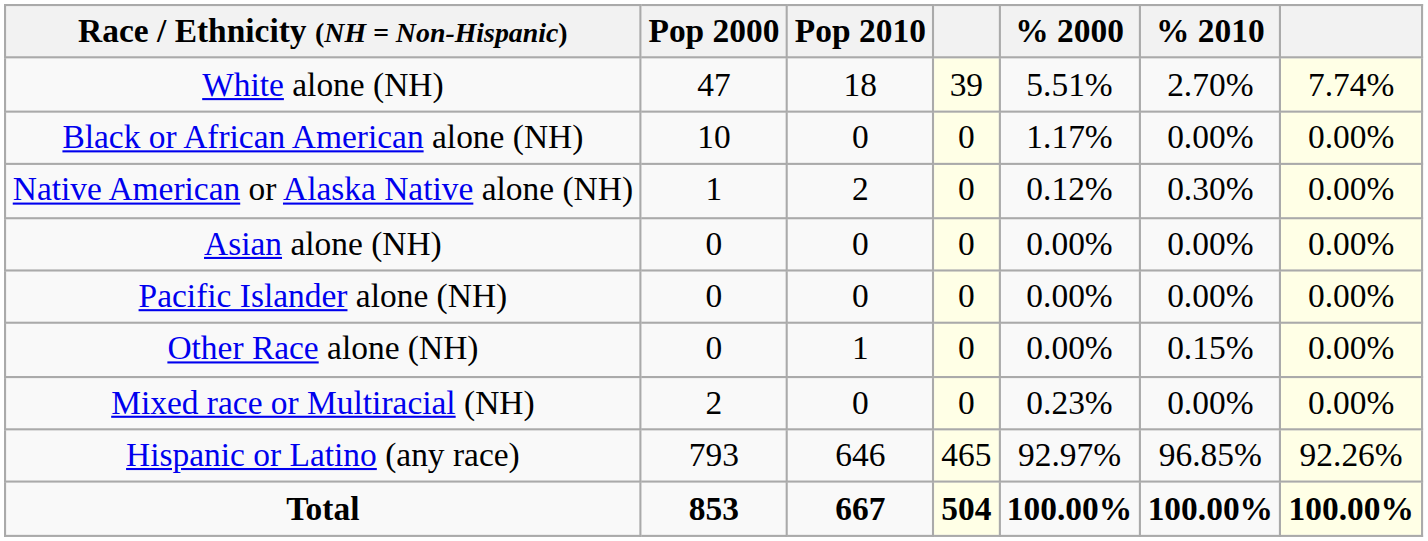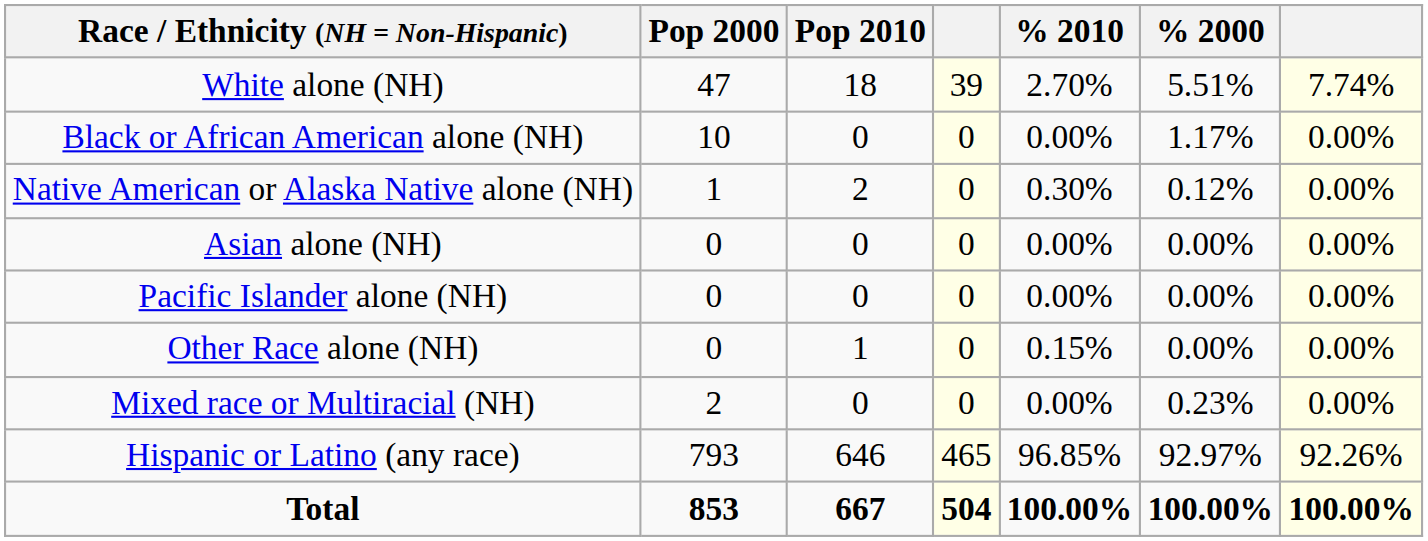 <table class="wikitable" style="text-align:center;">
 <tr>
 <th>Race / Ethnicity <small>(<em>NH = Non-Hispanic</em>)</small></th>
 <th>Pop 2000</th>
 <th>Pop 2010</th>
 <th></th>
+<th>% 2010</th>
 <th>% 2000</th>
-<th>% 2010</th>
 <th></th>
 </tr>
 <tr>
 <td><a href='#'>White</a> alone (NH)</td>
 <td>47</td>
 <td>18</td>
 <td style='background: #ffffe6;'>39</td>
+<td>2.70%</td>
 <td>5.51%</td>
-<td>2.70%</td>
 <td style='background: #ffffe6;'>7.74%</td>
 </tr>
 <tr>
 <td><a href='#'>Black or African American</a> alone (NH)</td>
 <td>10</td>
 <td>0</td>
 <td style='background: #ffffe6;'>0</td>
+<td>0.00%</td>
 <td>1.17%</td>
-<td>0.00%</td>
 <td style='background: #ffffe6;'>0.00%</td>
 </tr>
 <tr>
 <td><a href='#'>Native American</a> or <a href='#'>Alaska Native</a> alone (NH)</td>
 <td>1</td>
 <td>2</td>
 <td style='background: #ffffe6;'>0</td>
+<td>0.30%</td>
 <td>0.12%</td>
-<td>0.30%</td>
 <td style='background: #ffffe6;'>0.00%</td>
 </tr>
 <tr>
 <td><a href='#'>Asian</a> alone (NH)</td>
 <td>0</td>
 <td>0</td>
 <td style='background: #ffffe6;'>0</td>
 <td>0.00%</td>
 <td>0.00%</td>
 <td style='background: #ffffe6;'>0.00%</td>
 </tr>
 <tr>
 <td><a href='#'>Pacific Islander</a> alone (NH)</td>
 <td>0</td>
 <td>0</td>
 <td style='background: #ffffe6;'>0</td>
 <td>0.00%</td>
 <td>0.00%</td>
 <td style='background: #ffffe6;'>0.00%</td>
 </tr>
 <tr>
 <td><a href='#'>Other Race</a> alone (NH)</td>
 <td>0</td>
 <td>1</td>
 <td style='background: #ffffe6;'>0</td>
+<td>0.15%</td>
 <td>0.00%</td>
-<td>0.15%</td>
 <td style='background: #ffffe6;'>0.00%</td>
 </tr>
 <tr>
 <td><a href='#'>Mixed race or Multiracial</a> (NH)</td>
 <td>2</td>
 <td>0</td>
 <td style='background: #ffffe6;'>0</td>
+<td>0.00%</td>
 <td>0.23%</td>
-<td>0.00%</td>
 <td style='background: #ffffe6;'>0.00%</td>
 </tr>
 <tr>
 <td><a href='#'>Hispanic or Latino</a> (any race)</td>
 <td>793</td>
 <td>646</td>
 <td style='background: #ffffe6;'>465</td>
+<td>96.85%</td>
 <td>92.97%</td>
-<td>96.85%</td>
 <td style='background: #ffffe6;'>92.26%</td>
 </tr>
 <tr>
 <td><strong>Total</strong></td>
 <td><strong>853</strong></td>
 <td><strong>667</strong></td>
 <td style='background: #ffffe6;'><strong>504</strong></td>
 <td><strong>100.00%</strong></td>
 <td><strong>100.00%</strong></td>
 <td style='background: #ffffe6;'><strong>100.00%</strong></td>
 </tr>
 </table>
